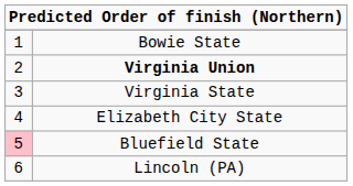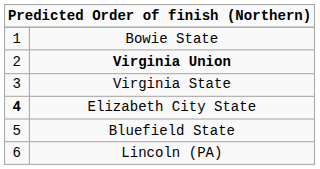 <table class="wikitable">
 <tr align="center">
 <td align="center" Colspan="2"><strong>Predicted Order of finish (Northern)</strong></td>
 </tr>
 <tr align="center">
 </tr>
 <tr align="center">
 <td>1</td>
 <td>Bowie State</td>
 </tr>
 <tr align="center">
 <td>2</td>
 <td><strong>Virginia Union</strong></td>
 </tr>
 <tr align="center">
 <td>3</td>
 <td>Virginia State</td>
 </tr>
 <tr align="center">
-<td>4</td>
+<td><strong>4</strong></td>
 <td>Elizabeth City State</td>
 </tr>
 <tr align="center">
-<td style="background: pink;">5</td>
+<td>5</td>
 <td>Bluefield State</td>
 </tr>
 <tr align="center">
 <td>6</td>
 <td>Lincoln (PA)</td>
 </tr>
 </table>
